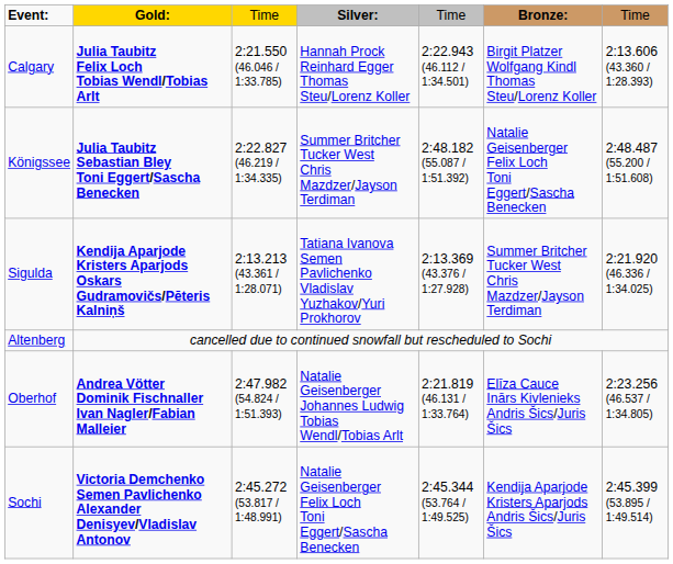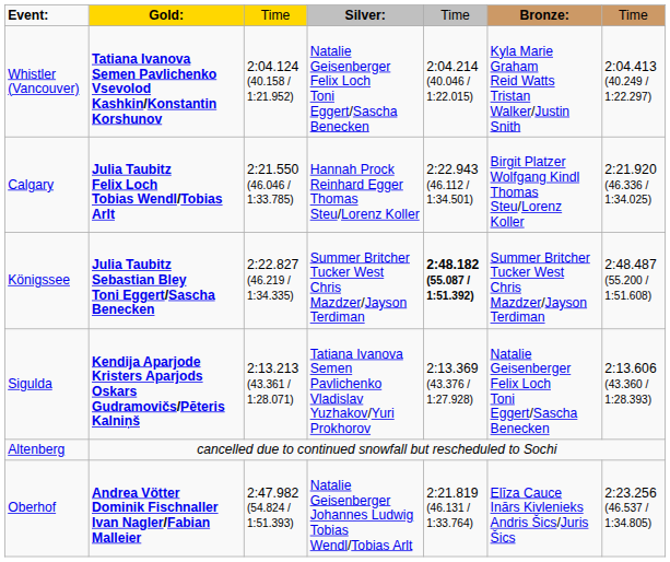 <table class="wikitable" style="width:90%;">
 <tr>
 <td><strong>Event:</strong></td>
 <td !  style="text-align:center; background:gold;"><strong>Gold:</strong></td>
 <td !  style="text-align:center; background:gold;">Time</td>
 <td !  style="text-align:center; background:silver;"><strong>Silver:</strong></td>
 <td !  style="text-align:center; background:silver;">Time</td>
 <td !  style="text-align:center; background:#c96;"><strong>Bronze:</strong></td>
 <td !  style="text-align:center; background:#c96;">Time</td>
 </tr>
 <tr>
+<td><a href='#'>Whistler (Vancouver)</a></td>
+<td><strong><br><a href='#'>Tatiana Ivanova</a><br><a href='#'>Semen Pavlichenko</a><br><a href='#'>Vsevolod Kashkin</a>/<a href='#'>Konstantin Korshunov</a></strong></td>
+<td>2:04.124<br><small>(40.158 / 1:21.952)</small></td>
+<td><br><a href='#'>Natalie Geisenberger</a><br><a href='#'>Felix Loch</a><br><a href='#'>Toni Eggert</a>/<a href='#'>Sascha Benecken</a></td>
+<td>2:04.214<br><small>(40.046 / 1:22.015)</small></td>
+<td><br><a href='#'>Kyla Marie Graham</a><br><a href='#'>Reid Watts</a><br><a href='#'>Tristan Walker</a>/<a href='#'>Justin Snith</a></td>
+<td>2:04.413<br><small>(40.249 / 1:22.297)</small></td>
+</tr>
+<tr>
 <td><a href='#'>Calgary</a></td>
 <td><strong><br><a href='#'>Julia Taubitz</a><br><a href='#'>Felix Loch</a><br><a href='#'>Tobias Wendl</a>/<a href='#'>Tobias Arlt</a></strong></td>
 <td>2:21.550<br><small>(46.046 / 1:33.785)</small></td>
 <td><br><a href='#'>Hannah Prock</a><br><a href='#'>Reinhard Egger</a><br><a href='#'>Thomas Steu</a>/<a href='#'>Lorenz Koller</a></td>
 <td>2:22.943<br><small>(46.112 / 1:34.501)</small></td>
 <td><br><a href='#'>Birgit Platzer</a><br><a href='#'>Wolfgang Kindl</a><br><a href='#'>Thomas Steu</a>/<a href='#'>Lorenz Koller</a></td>
-<td>2:13.606<br><small>(43.360 / 1:28.393)</small></td>
+<td>2:21.920<br><small>(46.336 / 1:34.025)</small></td>
 </tr>
 <tr>
 <td><a href='#'>Königssee</a></td>
 <td><strong><br><a href='#'>Julia Taubitz</a><br><a href='#'>Sebastian Bley</a><br><a href='#'>Toni Eggert</a>/<a href='#'>Sascha Benecken</a></strong></td>
 <td>2:22.827<br><small>(46.219 / 1:34.335)</small></td>
 <td><br><a href='#'>Summer Britcher</a><br><a href='#'>Tucker West</a><br><a href='#'>Chris Mazdzer</a>/<a href='#'>Jayson Terdiman</a></td>
-<td>2:48.182<br><small>(55.087 / 1:51.392)</small></td>
-<td><br><a href='#'>Natalie Geisenberger</a><br><a href='#'>Felix Loch</a><br><a href='#'>Toni Eggert</a>/<a href='#'>Sascha Benecken</a></td>
+<td><strong>2:48.182<br><small>(55.087 / 1:51.392)</small></strong></td>
+<td><br><a href='#'>Summer Britcher</a><br><a href='#'>Tucker West</a><br><a href='#'>Chris Mazdzer</a>/<a href='#'>Jayson Terdiman</a></td>
 <td>2:48.487<br><small>(55.200 / 1:51.608)</small></td>
 </tr>
 <tr>
 <td><a href='#'>Sigulda</a></td>
 <td><strong><br><a href='#'>Kendija Aparjode</a><br><a href='#'>Kristers Aparjods</a><br><a href='#'>Oskars Gudramovičs</a>/<a href='#'>Pēteris Kalniņš</a></strong></td>
 <td>2:13.213<br><small>(43.361 / 1:28.071)</small></td>
 <td><br><a href='#'>Tatiana Ivanova</a><br><a href='#'>Semen Pavlichenko</a><br><a href='#'>Vladislav Yuzhakov</a>/<a href='#'>Yuri Prokhorov</a></td>
 <td>2:13.369<br><small>(43.376 / 1:27.928)</small></td>
-<td><br><a href='#'>Summer Britcher</a><br><a href='#'>Tucker West</a><br><a href='#'>Chris Mazdzer</a>/<a href='#'>Jayson Terdiman</a></td>
-<td>2:21.920<br><small>(46.336 / 1:34.025)</small></td>
+<td><br><a href='#'>Natalie Geisenberger</a><br><a href='#'>Felix Loch</a><br><a href='#'>Toni Eggert</a>/<a href='#'>Sascha Benecken</a></td>
+<td>2:13.606<br><small>(43.360 / 1:28.393)</small></td>
 </tr>
 <tr>
 <td><a href='#'>Altenberg</a></td>
 <td colspan="6" style="text-align:center"><em>cancelled due to continued snowfall but rescheduled to Sochi</em></td>
 </tr>
 <tr>
 <td><a href='#'>Oberhof</a></td>
 <td><strong><br><a href='#'>Andrea Vötter</a><br><a href='#'>Dominik Fischnaller</a><br><a href='#'>Ivan Nagler</a>/<a href='#'>Fabian Malleier</a></strong></td>
 <td>2:47.982<br><small>(54.824 / 1:51.393)</small></td>
 <td><br><a href='#'>Natalie Geisenberger</a><br><a href='#'>Johannes Ludwig</a><br><a href='#'>Tobias Wendl</a>/<a href='#'>Tobias Arlt</a></td>
 <td>2:21.819<br><small>(46.131 / 1:33.764)</small></td>
 <td><br><a href='#'>Elīza Cauce</a><br><a href='#'>Inārs Kivlenieks</a><br><a href='#'>Andris Šics</a>/<a href='#'>Juris Šics</a></td>
 <td>2:23.256<br><small>(46.537 / 1:34.805)</small></td>
 </tr>
-<tr>
-<td><a href='#'>Sochi</a></td>
-<td><strong><br><a href='#'>Victoria Demchenko</a><br><a href='#'>Semen Pavlichenko</a><br><a href='#'>Alexander Denisyev</a>/<a href='#'>Vladislav Antonov</a></strong></td>
-<td>2:45.272<br><small>(53.817 / 1:48.991)</small></td>
-<td><br><a href='#'>Natalie Geisenberger</a><br><a href='#'>Felix Loch</a><br><a href='#'>Toni Eggert</a>/<a href='#'>Sascha Benecken</a></td>
-<td>2:45.344<br><small>(53.764 / 1:49.525)</small></td>
-<td><br><a href='#'>Kendija Aparjode</a><br><a href='#'>Kristers Aparjods</a><br><a href='#'>Andris Šics</a>/<a href='#'>Juris Šics</a></td>
-<td>2:45.399<br><small>(53.895 / 1:49.514)</small></td>
-</tr>
 </table>
